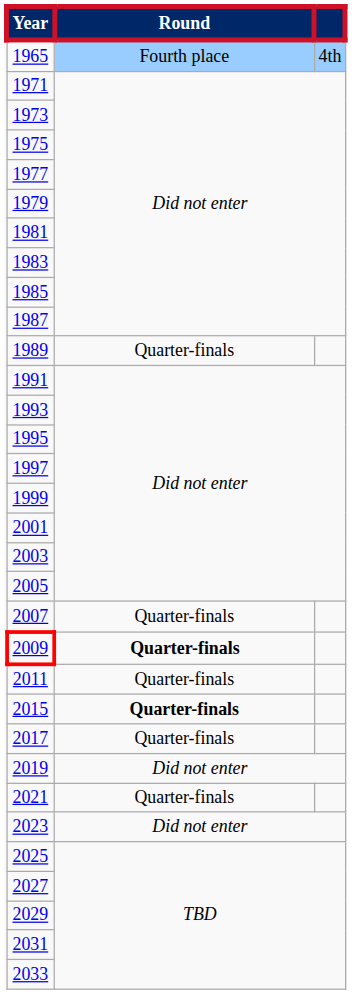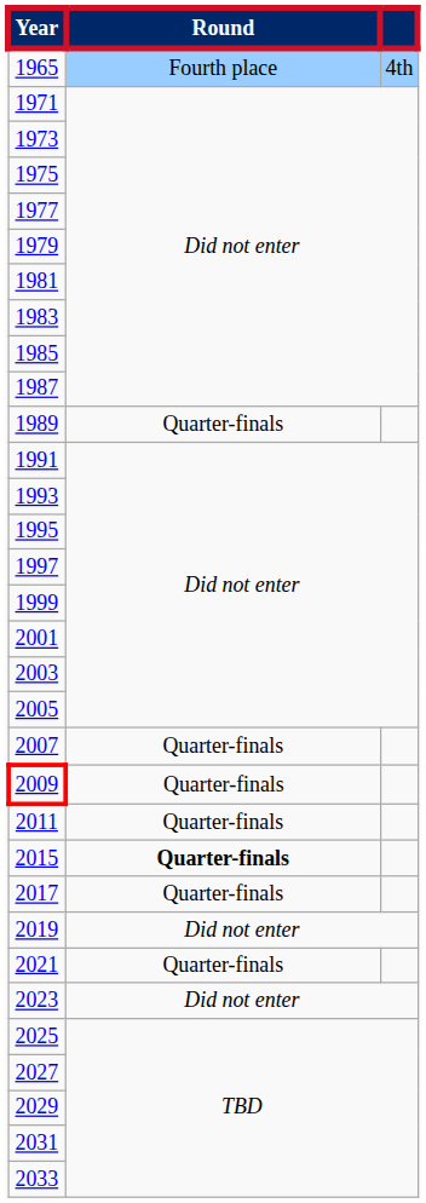 <table class="wikitable" style="text-align: center; font-size:90%">
 <tr style="color:white;">
 <th style="background:#002868; border: 4px solid #CE1126; ">Year</th>
 <th style="background:#002868; border: 4px solid #CE1126; width:200px">Round</th>
 <th style="background:#002868; border: 4px solid #CE1126;"></th>
 </tr>
 <tr>
 <td><a href='#'>1965</a></td>
 <td bgcolor="9acdff">Fourth place</td>
 <td bgcolor="9acdff">4th</td>
 </tr>
 <tr>
 <td><a href='#'>1971</a></td>
 <td colspan="2" rowspan="9"><em>Did not enter</em></td>
 </tr>
 <tr>
 <td><a href='#'>1973</a></td>
 </tr>
 <tr>
 <td><a href='#'>1975</a></td>
 </tr>
 <tr>
 <td><a href='#'>1977</a></td>
 </tr>
 <tr>
 <td><a href='#'>1979</a></td>
 </tr>
 <tr>
 <td><a href='#'>1981</a></td>
 </tr>
 <tr>
 <td><a href='#'>1983</a></td>
 </tr>
 <tr>
 <td><a href='#'>1985</a></td>
 </tr>
 <tr>
 <td><a href='#'>1987</a></td>
 </tr>
 <tr>
 <td><a href='#'>1989</a></td>
 <td>Quarter-finals</td>
 <td></td>
 </tr>
 <tr>
 <td><a href='#'>1991</a></td>
 <td colspan="2" rowspan="8"><em>Did not enter</em></td>
 </tr>
 <tr>
 <td><a href='#'>1993</a></td>
 </tr>
 <tr>
 <td><a href='#'>1995</a></td>
 </tr>
 <tr>
 <td><a href='#'>1997</a></td>
 </tr>
 <tr>
 <td><a href='#'>1999</a></td>
 </tr>
 <tr>
 <td><a href='#'>2001</a></td>
 </tr>
 <tr>
 <td><a href='#'>2003</a></td>
 </tr>
 <tr>
 <td><a href='#'>2005</a></td>
 </tr>
 <tr>
 <td><a href='#'>2007</a></td>
 <td>Quarter-finals</td>
 <td></td>
 </tr>
 <tr>
 <td style="border: 3px solid red"><a href='#'>2009</a></td>
-<td><strong>Quarter-finals</strong></td>
+<td>Quarter-finals</td>
 <td></td>
 </tr>
 <tr>
 <td><a href='#'>2011</a></td>
 <td>Quarter-finals</td>
 <td></td>
 </tr>
 <tr>
 <td><a href='#'>2015</a></td>
 <td><strong>Quarter-finals</strong></td>
 <td></td>
 </tr>
 <tr>
 <td><a href='#'>2017</a></td>
 <td>Quarter-finals</td>
 <td></td>
 </tr>
 <tr>
 <td><a href='#'>2019</a></td>
 <td colspan="2"><em>Did not enter</em></td>
 </tr>
 <tr>
 <td><a href='#'>2021</a></td>
 <td>Quarter-finals</td>
 <td></td>
 </tr>
 <tr>
 <td><a href='#'>2023</a></td>
 <td colspan="2"><em>Did not enter</em></td>
 </tr>
 <tr>
 <td><a href='#'>2025</a></td>
 <td colspan="2" rowspan="5"><em>TBD</em></td>
 </tr>
 <tr>
 <td><a href='#'>2027</a></td>
 </tr>
 <tr>
 <td><a href='#'>2029</a></td>
 </tr>
 <tr>
 <td><a href='#'>2031</a></td>
 </tr>
 <tr>
 <td><a href='#'>2033</a></td>
 </tr>
 </table>
